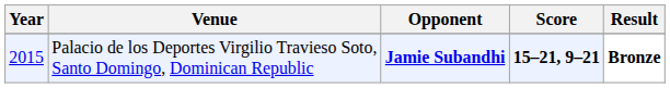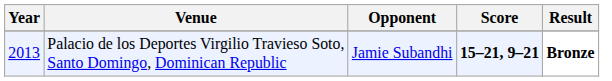 <table class="sortable wikitable" style="font-size: 90%;">
 <tr>
 <th>Year</th>
 <th>Venue</th>
 <th>Opponent</th>
 <th>Score</th>
 <th>Result</th>
 </tr>
 <tr>
 </tr>
 <tr style="background:#ECF2FF">
-<td align="center"><a href='#'>2015</a></td>
+<td align="center"><a href='#'>2013</a></td>
 <td align="left">Palacio de los Deportes Virgilio Travieso Soto,<br> <a href='#'>Santo Domingo</a>, <a href='#'>Dominican Republic</a></td>
-<td align="left"><strong> <a href='#'>Jamie Subandhi</a></strong></td>
+<td align="left"> <a href='#'>Jamie Subandhi</a></td>
 <td align="center"><strong>15–21, 9–21</strong></td>
 <td style="text-align:left; background:white"> <strong>Bronze</strong></td>
 </tr>
 </table>
